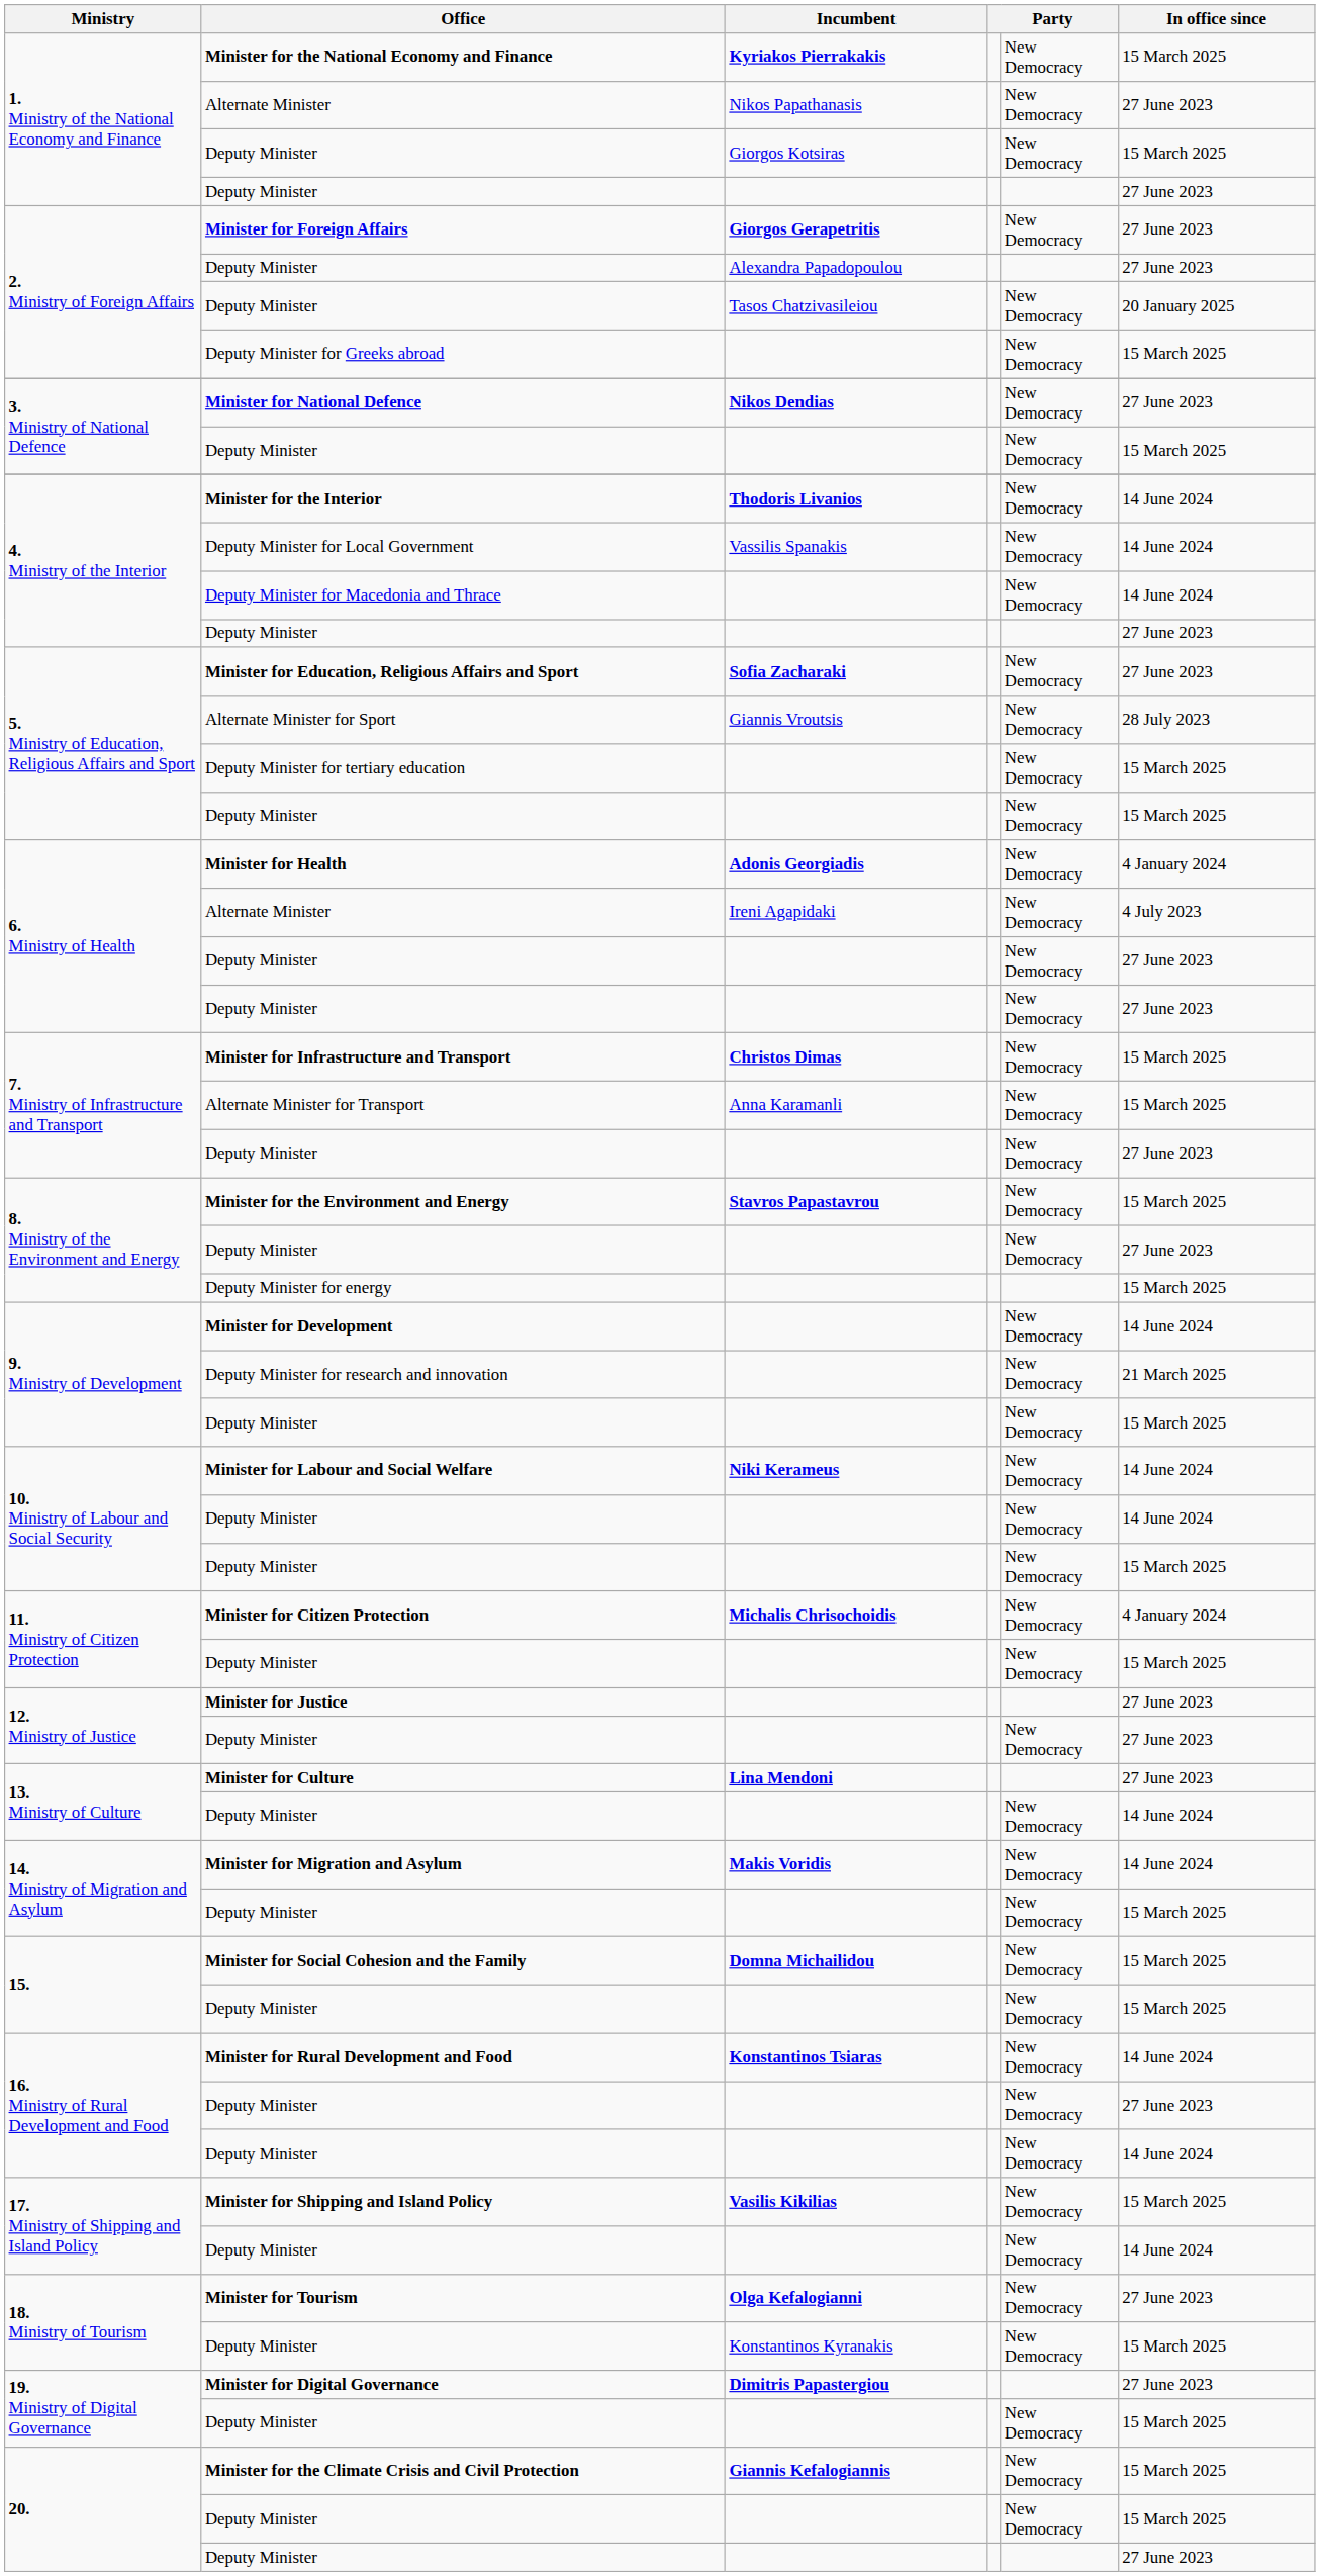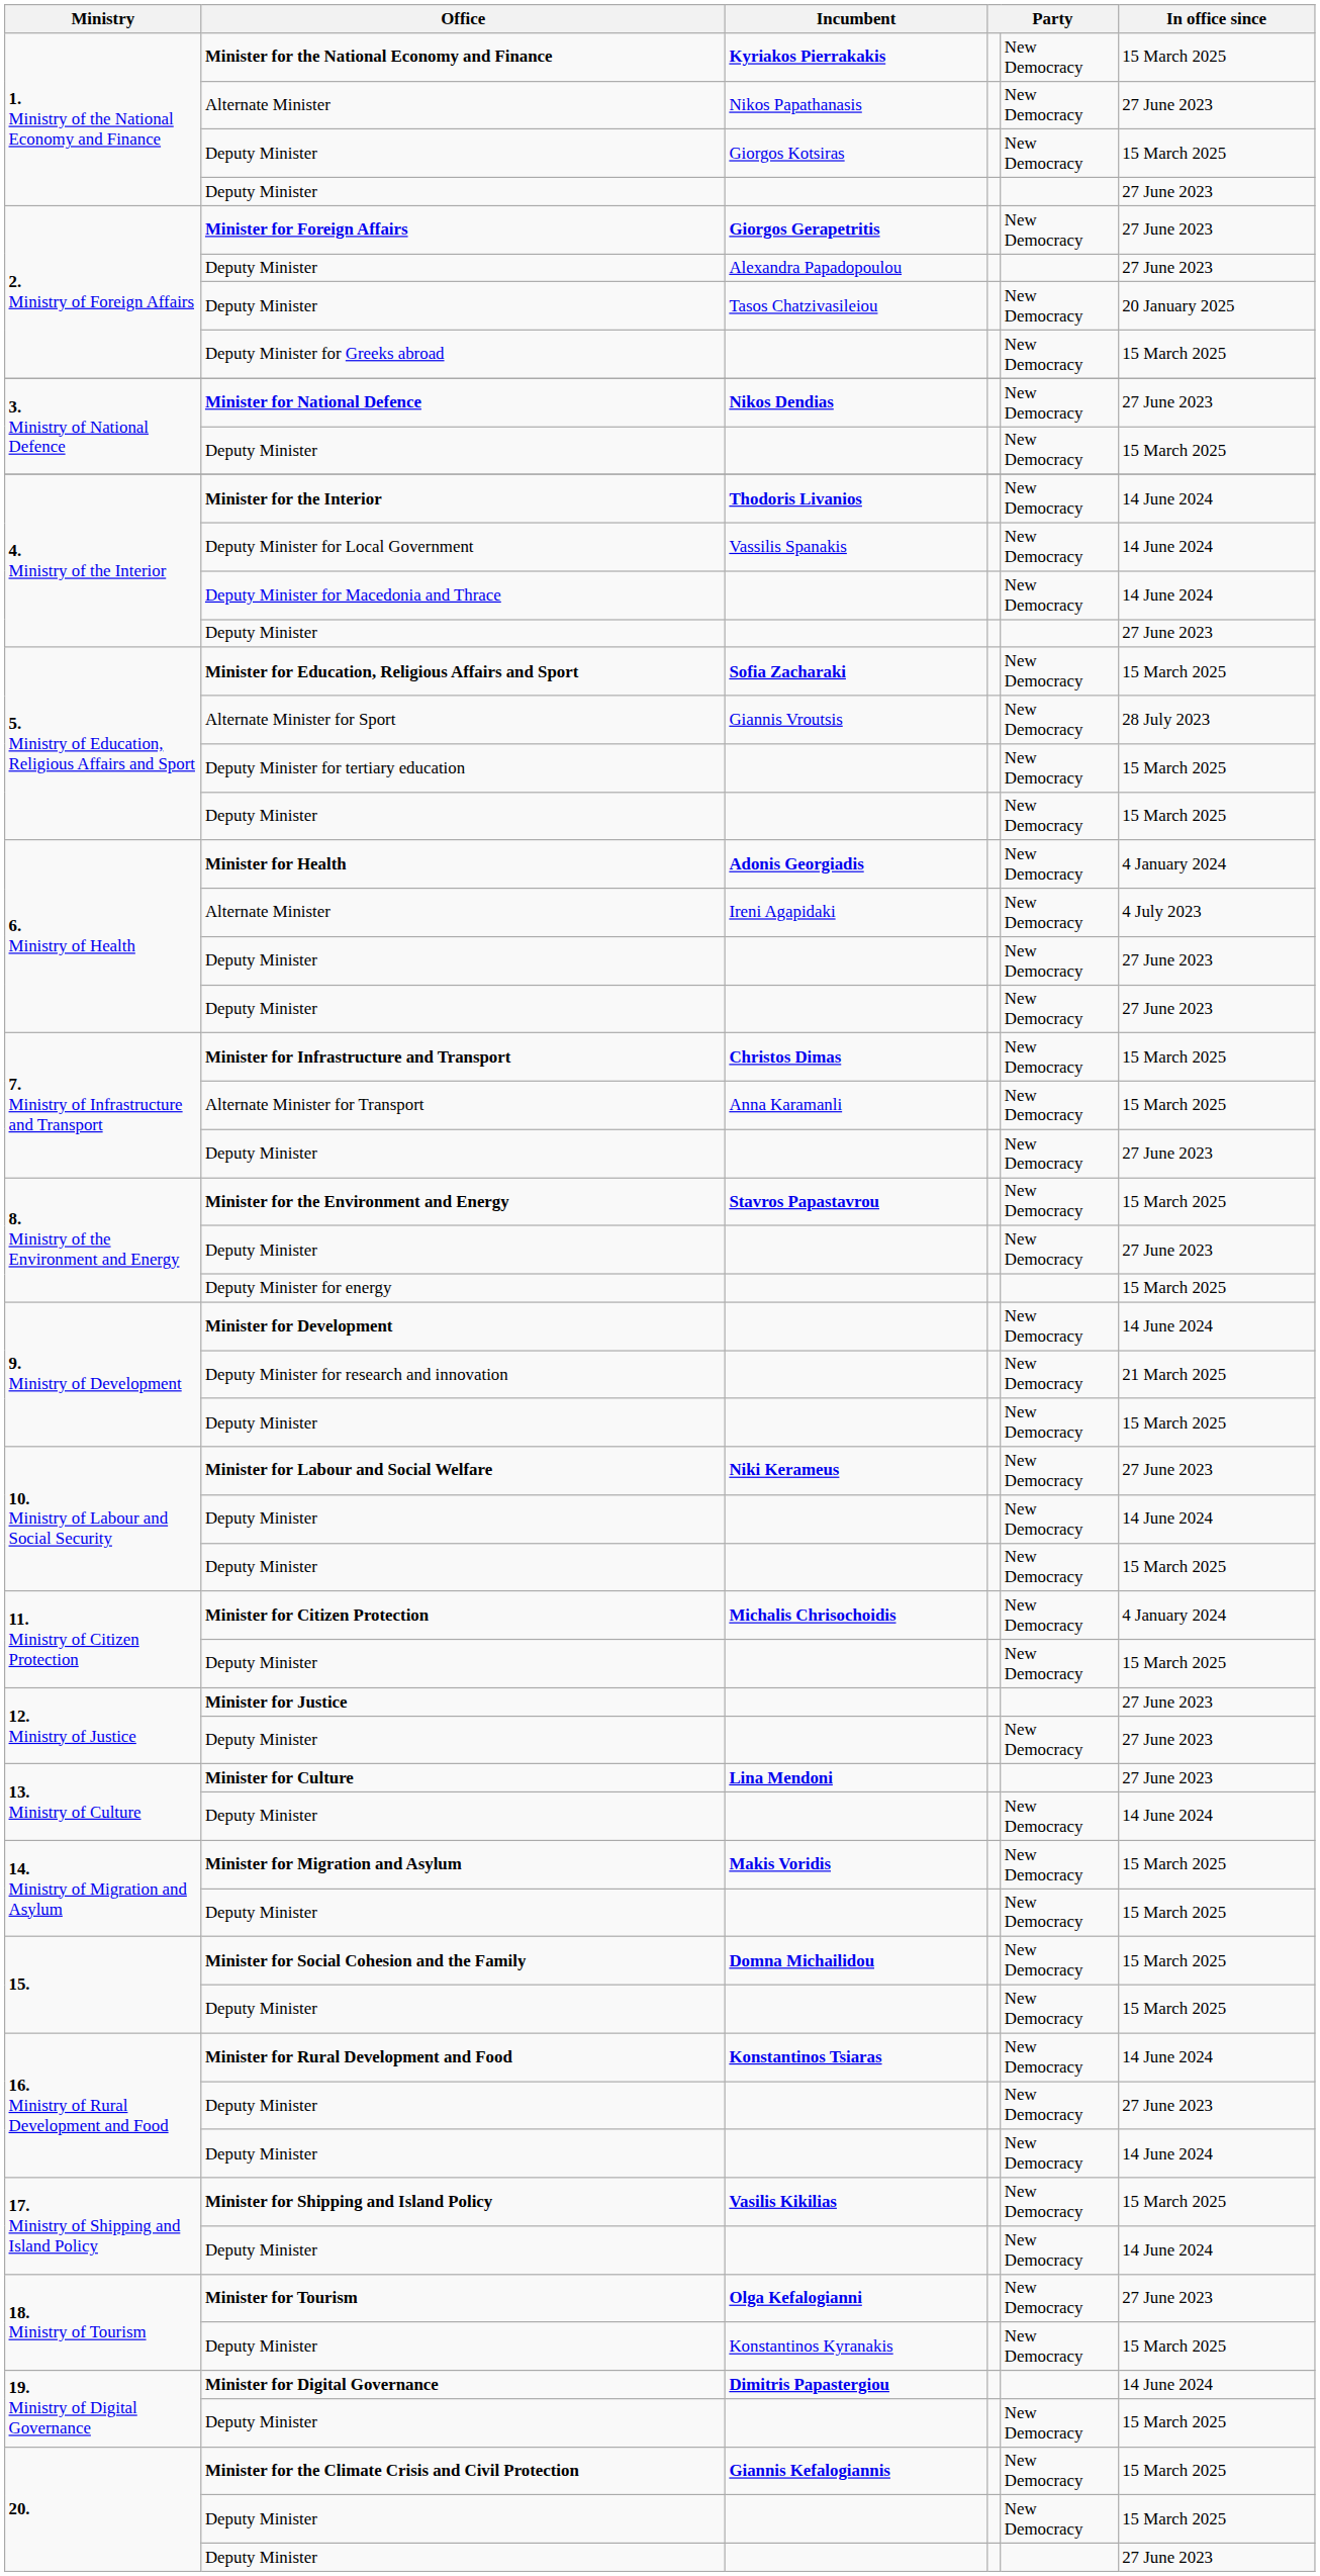 <table class="wikitable" style="width: 70%; font-size: 90%;">
 <tr>
 <th width="15%">Ministry</th>
 <th width="40%">Office</th>
 <th width="20%">Incumbent</th>
 <th width="10%" colspan="2">Party</th>
 <th width="15%">In office since</th>
 </tr>
 <tr>
 <td rowspan=4><strong>1.</strong><br><a href='#'>Ministry of the National Economy and Finance</a></td>
 <td><strong>Minister for the National Economy and Finance</strong></td>
 <td><strong><a href='#'>Kyriakos Pierrakakis</a></strong></td>
 <td width="5" style="background-color: "></td>
 <td>New Democracy</td>
 <td>15 March 2025</td>
 </tr>
 <tr>
 <td>Alternate Minister</td>
 <td><a href='#'>Nikos Papathanasis</a></td>
 <td width="5" style="background-color: "></td>
 <td>New Democracy</td>
 <td>27 June 2023</td>
 </tr>
 <tr>
 <td>Deputy Minister</td>
 <td><a href='#'>Giorgos Kotsiras</a></td>
 <td width="5" style="background-color: "></td>
 <td>New Democracy</td>
 <td>15 March 2025</td>
 </tr>
 <tr>
 <td>Deputy Minister</td>
 <td></td>
 <td></td>
 <td></td>
 <td>27 June 2023</td>
 </tr>
 <tr>
 <td rowspan=4><strong>2.</strong><br><a href='#'>Ministry of Foreign Affairs</a></td>
 <td><strong><a href='#'>Minister for Foreign Affairs</a></strong></td>
 <td><strong><a href='#'>Giorgos Gerapetritis</a></strong></td>
 <td {width="5" style="background-color: "></td>
 <td>New Democracy</td>
 <td>27 June 2023</td>
 </tr>
 <tr>
 <td>Deputy Minister</td>
 <td><a href='#'>Alexandra Papadopoulou</a></td>
 <td></td>
 <td></td>
 <td>27 June 2023</td>
 </tr>
 <tr>
 <td>Deputy Minister</td>
 <td><a href='#'>Tasos Chatzivasileiou</a></td>
 <td width="5" style="background-color: "></td>
 <td>New Democracy</td>
 <td>20 January 2025</td>
 </tr>
 <tr>
 <td>Deputy Minister for <a href='#'>Greeks abroad</a></td>
 <td></td>
 <td width="5" style="background-color: "></td>
 <td>New Democracy</td>
 <td>15 March 2025</td>
 </tr>
 <tr>
 </tr>
 <tr>
 <td rowspan=2><strong>3.</strong><br><a href='#'>Ministry of National Defence</a></td>
 <td><strong><a href='#'>Minister for National Defence</a></strong></td>
 <td><strong><a href='#'>Nikos Dendias</a></strong></td>
 <td width="5" style="background-color: "></td>
 <td>New Democracy</td>
 <td>27 June 2023</td>
 </tr>
 <tr>
 <td>Deputy Minister</td>
 <td></td>
 <td width="5" style="background-color: "></td>
 <td>New Democracy</td>
 <td>15 March 2025</td>
 </tr>
 <tr>
 </tr>
 <tr>
 <td rowspan=4><strong>4.</strong><br><a href='#'>Ministry of the Interior</a></td>
 <td><strong>Minister for the Interior</strong></td>
 <td><strong><a href='#'>Thodoris Livanios</a></strong></td>
 <td width="5" style="background-color: "></td>
 <td>New Democracy</td>
 <td>14 June 2024</td>
 </tr>
 <tr>
 <td>Deputy Minister for Local Government</td>
 <td><a href='#'>Vassilis Spanakis</a></td>
 <td width="5" style="background-color: "></td>
 <td>New Democracy</td>
 <td>14 June 2024</td>
 </tr>
 <tr>
 <td><a href='#'>Deputy Minister for Macedonia and Thrace</a></td>
 <td></td>
 <td width="5" style="background-color: "></td>
 <td>New Democracy</td>
 <td>14 June 2024</td>
 </tr>
 <tr>
 <td>Deputy Minister</td>
 <td></td>
 <td></td>
 <td></td>
 <td>27 June 2023</td>
 </tr>
 <tr>
 <td rowspan=4><strong>5.</strong><br><a href='#'>Ministry of Education, Religious Affairs and Sport</a></td>
 <td><strong>Minister for Education, Religious Affairs and Sport</strong></td>
 <td><strong><a href='#'>Sofia Zacharaki</a></strong></td>
 <td width="5" style="background-color: "></td>
 <td>New Democracy</td>
-<td>27 June 2023</td>
+<td>15 March 2025</td>
 </tr>
 <tr>
 <td>Alternate Minister for Sport</td>
 <td><a href='#'>Giannis Vroutsis</a></td>
 <td width="5" style="background-color: "></td>
 <td>New Democracy</td>
 <td>28 July 2023</td>
 </tr>
 <tr>
 <td>Deputy Minister for tertiary education</td>
 <td></td>
 <td width="5" style="background-color: "></td>
 <td>New Democracy</td>
 <td>15 March 2025</td>
 </tr>
 <tr>
 <td>Deputy Minister</td>
 <td></td>
 <td width="5" style="background-color: "></td>
 <td>New Democracy</td>
 <td>15 March 2025</td>
 </tr>
 <tr>
 <td rowspan=4><strong>6.</strong><br><a href='#'>Ministry of Health</a></td>
 <td><strong>Minister for Health</strong></td>
 <td><strong><a href='#'>Adonis Georgiadis</a></strong></td>
 <td width="5" style="background-color: "></td>
 <td>New Democracy</td>
 <td>4 January 2024</td>
 </tr>
 <tr>
 <td>Alternate Minister</td>
 <td><a href='#'>Ireni Agapidaki</a></td>
 <td width="5" style="background-color: "></td>
 <td>New Democracy</td>
 <td>4 July 2023</td>
 </tr>
 <tr>
 <td>Deputy Minister</td>
 <td></td>
 <td width="5" style="background-color: "></td>
 <td>New Democracy</td>
 <td>27 June 2023</td>
 </tr>
 <tr>
 <td>Deputy Minister</td>
 <td></td>
 <td width="5" style="background-color: "></td>
 <td>New Democracy</td>
 <td>27 June 2023</td>
 </tr>
 <tr>
 <td rowspan=3><strong>7.</strong><br><a href='#'>Ministry of Infrastructure and Transport</a></td>
 <td><strong>Minister for Infrastructure and Transport</strong></td>
 <td><strong><a href='#'>Christos Dimas</a></strong></td>
 <td width="5" style="background-color: "></td>
 <td>New Democracy</td>
 <td>15 March 2025</td>
 </tr>
 <tr>
 <td>Alternate Minister for Transport</td>
 <td><a href='#'>Anna Karamanli</a></td>
 <td width="5" style="background-color: "></td>
 <td>New Democracy</td>
 <td>15 March 2025</td>
 </tr>
 <tr>
 <td>Deputy Minister</td>
 <td></td>
 <td width="5" style="background-color: "></td>
 <td>New Democracy</td>
 <td>27 June 2023</td>
 </tr>
 <tr>
 <td rowspan=3><strong>8.</strong><br><a href='#'>Ministry of the Environment and Energy</a></td>
 <td><strong>Minister for the Environment and Energy</strong></td>
 <td><strong><a href='#'>Stavros Papastavrou</a></strong></td>
 <td width="5" style="background-color: "></td>
 <td>New Democracy</td>
 <td>15 March 2025</td>
 </tr>
 <tr>
 <td>Deputy Minister</td>
 <td></td>
 <td width="5" style="background-color: "></td>
 <td>New Democracy</td>
 <td>27 June 2023</td>
 </tr>
 <tr>
 <td>Deputy Minister for energy</td>
 <td></td>
 <td></td>
 <td></td>
 <td>15 March 2025</td>
 </tr>
 <tr>
 <td rowspan=3><strong>9.</strong><br><a href='#'>Ministry of Development</a></td>
 <td><strong>Minister for Development</strong></td>
 <td><strong></strong></td>
 <td width="5" style="background-color: "></td>
 <td>New Democracy</td>
 <td>14 June 2024</td>
 </tr>
 <tr>
 <td>Deputy Minister for research and innovation</td>
 <td></td>
 <td width="5" style="background-color: "></td>
 <td>New Democracy</td>
 <td>21 March 2025</td>
 </tr>
 <tr>
 <td>Deputy Minister</td>
 <td></td>
 <td width="5" style="background-color: "></td>
 <td>New Democracy</td>
 <td>15 March 2025</td>
 </tr>
 <tr>
 <td rowspan=3><strong>10.</strong><br><a href='#'>Ministry of Labour and Social Security</a></td>
 <td><strong>Minister for Labour and Social Welfare</strong></td>
 <td><strong><a href='#'>Niki Kerameus</a></strong></td>
 <td width="5" style="background-color: "></td>
 <td>New Democracy</td>
-<td>14 June 2024</td>
+<td>27 June 2023</td>
 </tr>
 <tr>
 <td>Deputy Minister</td>
 <td></td>
 <td width="5" style="background-color: "></td>
 <td>New Democracy</td>
 <td>14 June 2024</td>
 </tr>
 <tr>
 <td>Deputy Minister</td>
 <td></td>
 <td width="5" style="background-color: "></td>
 <td>New Democracy</td>
 <td>15 March 2025</td>
 </tr>
 <tr>
 <td rowspan=2><strong>11.</strong><br><a href='#'>Ministry of Citizen Protection</a></td>
 <td><strong>Minister for Citizen Protection</strong></td>
 <td><strong><a href='#'>Michalis Chrisochoidis</a></strong></td>
 <td width="5" style="background-color: "></td>
 <td>New Democracy</td>
 <td>4 January 2024</td>
 </tr>
 <tr>
 <td>Deputy Minister</td>
 <td></td>
 <td width="5" style="background-color: "></td>
 <td>New Democracy</td>
 <td>15 March 2025</td>
 </tr>
 <tr>
 <td rowspan=2><strong>12.</strong><br><a href='#'>Ministry of Justice</a></td>
 <td><strong>Minister for Justice</strong></td>
 <td><strong></strong></td>
 <td></td>
 <td></td>
 <td>27 June 2023</td>
 </tr>
 <tr>
 <td>Deputy Minister</td>
 <td></td>
 <td width="5" style="background-color: "></td>
 <td>New Democracy</td>
 <td>27 June 2023</td>
 </tr>
 <tr>
 <td rowspan=2><strong>13.</strong><br><a href='#'>Ministry of Culture</a></td>
 <td><strong>Minister for Culture</strong></td>
 <td><strong><a href='#'>Lina Mendoni</a></strong></td>
 <td></td>
 <td></td>
 <td>27 June 2023</td>
 </tr>
 <tr>
 <td>Deputy Minister</td>
 <td></td>
 <td width="5" style="background-color: "></td>
 <td>New Democracy</td>
 <td>14 June 2024</td>
 </tr>
 <tr>
 <td rowspan=2><strong>14.</strong><br><a href='#'>Ministry of Migration and Asylum</a></td>
 <td><strong>Minister for Migration and Asylum</strong></td>
 <td><strong><a href='#'>Makis Voridis</a></strong></td>
 <td width="5" style="background-color: "></td>
 <td>New Democracy</td>
-<td>14 June 2024</td>
+<td>15 March 2025</td>
 </tr>
 <tr>
 <td>Deputy Minister</td>
 <td></td>
 <td width="5" style="background-color: "></td>
 <td>New Democracy</td>
 <td>15 March 2025</td>
 </tr>
 <tr>
 <td rowspan=2><strong>15.</strong><br></td>
 <td><strong>Minister for Social Cohesion and the Family</strong></td>
 <td><strong><a href='#'>Domna Michailidou</a></strong></td>
 <td width="5" style="background-color: "></td>
 <td>New Democracy</td>
 <td>15 March 2025</td>
 </tr>
 <tr>
 <td>Deputy Minister</td>
 <td></td>
 <td width="5" style="background-color: "></td>
 <td>New Democracy</td>
 <td>15 March 2025</td>
 </tr>
 <tr>
 <td rowspan=3><strong>16.</strong><br><a href='#'>Ministry of Rural Development and Food</a></td>
 <td><strong>Minister for Rural Development and Food</strong></td>
 <td><strong><a href='#'>Konstantinos Tsiaras</a></strong></td>
 <td width="5" style="background-color: "></td>
 <td>New Democracy</td>
 <td>14 June 2024</td>
 </tr>
 <tr>
 <td>Deputy Minister</td>
 <td></td>
 <td width="5" style="background-color: "></td>
 <td>New Democracy</td>
 <td>27 June 2023</td>
 </tr>
 <tr>
 <td>Deputy Minister</td>
 <td></td>
 <td width="5" style="background-color: "></td>
 <td>New Democracy</td>
 <td>14 June 2024</td>
 </tr>
 <tr>
 <td rowspan=2><strong>17.</strong><br><a href='#'>Ministry of Shipping and Island Policy</a></td>
 <td><strong>Minister for Shipping and Island Policy</strong></td>
 <td><strong><a href='#'>Vasilis Kikilias</a></strong></td>
 <td width="5" style="background-color: "></td>
 <td>New Democracy</td>
 <td>15 March 2025</td>
 </tr>
 <tr>
 <td>Deputy Minister</td>
 <td></td>
 <td width="5" style="background-color: "></td>
 <td>New Democracy</td>
 <td>14 June 2024</td>
 </tr>
 <tr>
 <td rowspan=2><strong>18.</strong><br><a href='#'>Ministry of Tourism</a></td>
 <td><strong>Minister for Tourism</strong></td>
 <td><strong><a href='#'>Olga Kefalogianni</a></strong></td>
 <td width="5" style="background-color: "></td>
 <td>New Democracy</td>
 <td>27 June 2023</td>
 </tr>
 <tr>
 <td>Deputy Minister</td>
 <td><a href='#'>Konstantinos Kyranakis</a></td>
 <td width="5" style="background-color: "></td>
 <td>New Democracy</td>
 <td>15 March 2025</td>
 </tr>
 <tr>
 <td rowspan=2><strong>19.</strong><br><a href='#'>Ministry of Digital Governance</a></td>
 <td><strong>Minister for Digital Governance</strong></td>
 <td><strong><a href='#'>Dimitris Papastergiou</a></strong></td>
 <td></td>
 <td></td>
-<td>27 June 2023</td>
+<td>14 June 2024</td>
 </tr>
 <tr>
 <td>Deputy Minister</td>
 <td></td>
 <td width="5" style="background-color: "></td>
 <td>New Democracy</td>
 <td>15 March 2025</td>
 </tr>
 <tr>
 <td rowspan=3><strong>20.</strong><br></td>
 <td><strong>Minister for the Climate Crisis and Civil Protection</strong></td>
 <td><strong><a href='#'>Giannis Kefalogiannis</a></strong></td>
 <td width="5" style="background-color: "></td>
 <td>New Democracy</td>
 <td>15 March 2025</td>
 </tr>
 <tr>
 <td>Deputy Minister</td>
 <td></td>
 <td width="5" style="background-color: "></td>
 <td>New Democracy</td>
 <td>15 March 2025</td>
 </tr>
 <tr>
 <td>Deputy Minister</td>
 <td></td>
 <td></td>
 <td></td>
 <td>27 June 2023</td>
 </tr>
 </table>
